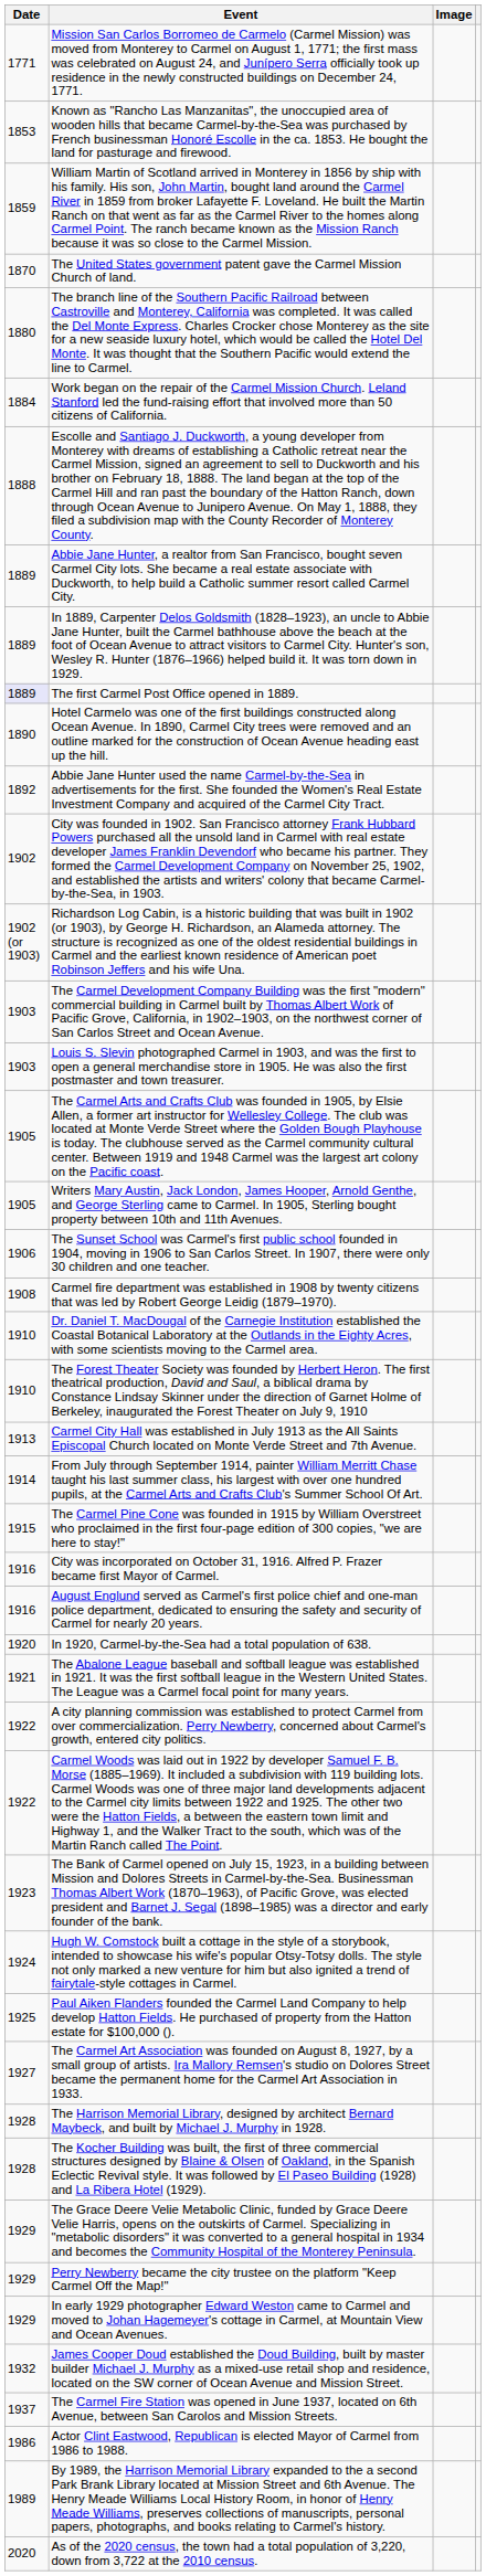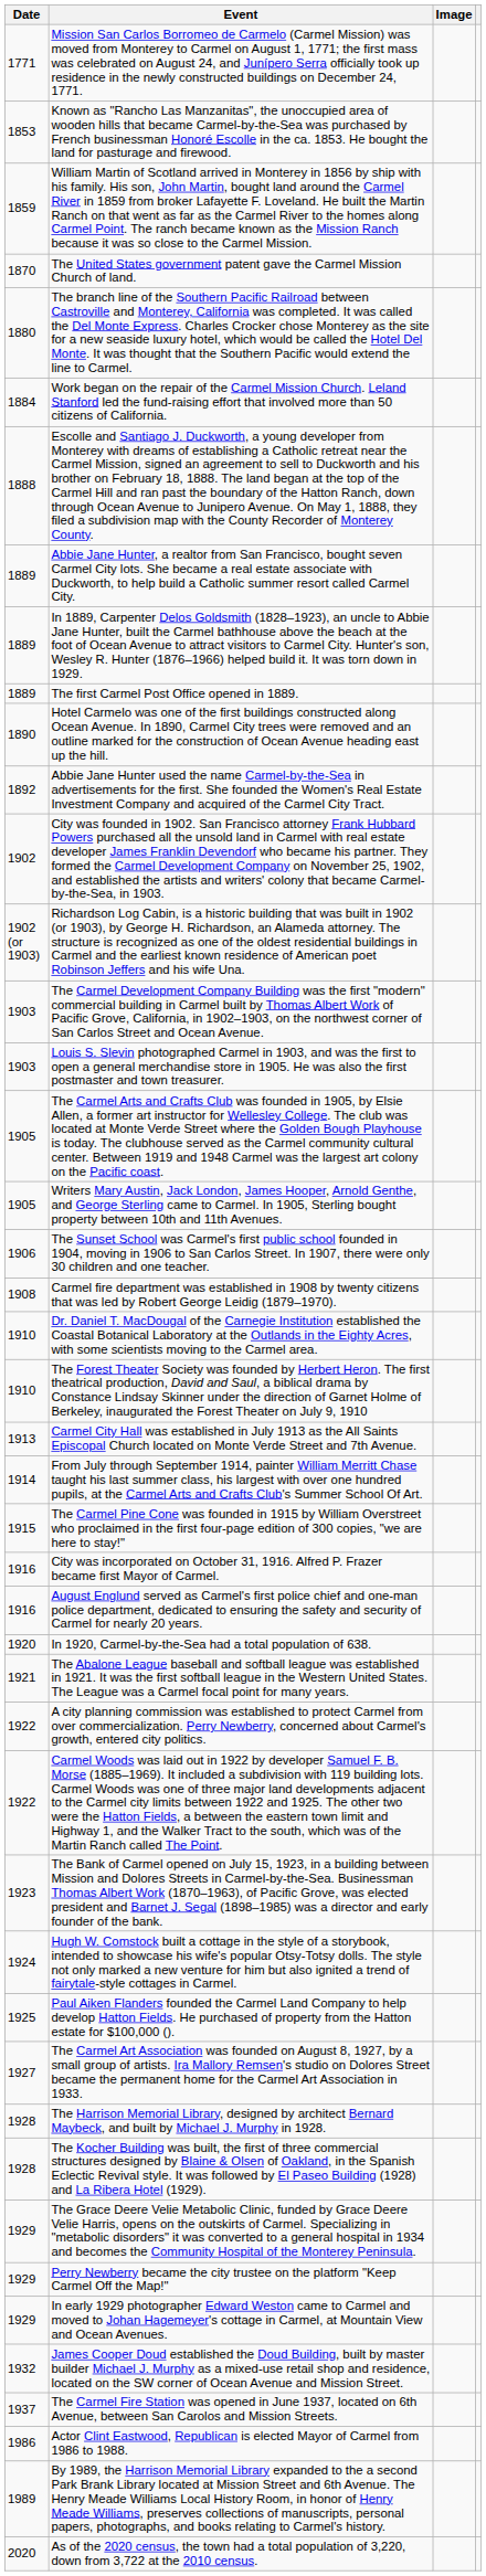 <table class="wikitable sortable">
 <tr>
 <th>Date</th>
 <th>Event</th>
 <th>Image</th>
 <th></th>
 </tr>
 <tr>
 <td>1771</td>
 <td><a href='#'>Mission San Carlos Borromeo de Carmelo</a> (Carmel Mission) was moved from Monterey to Carmel on August 1, 1771; the first mass was celebrated on August 24, and <a href='#'>Junípero Serra</a> officially took up residence in the newly constructed buildings on December 24, 1771.</td>
 <td></td>
 <td></td>
 </tr>
 <tr>
 <td>1853</td>
 <td>Known as "Rancho Las Manzanitas", the unoccupied area of wooden hills that became Carmel-by-the-Sea was purchased by French businessman <a href='#'>Honoré Escolle</a> in the ca. 1853. He bought the land for pasturage and firewood.</td>
 <td></td>
 <td></td>
 </tr>
 <tr>
 <td>1859</td>
 <td>William Martin of Scotland arrived in Monterey in 1856 by ship with his family. His son, <a href='#'>John Martin</a>, bought land around the <a href='#'>Carmel River</a> in 1859 from broker Lafayette F. Loveland. He built the Martin Ranch on  that went as far as the Carmel River to the homes along <a href='#'>Carmel Point</a>. The ranch became known as the <a href='#'>Mission Ranch</a> because it was so close to the Carmel Mission.</td>
 <td></td>
 <td></td>
 </tr>
 <tr>
 <td>1870</td>
 <td>The <a href='#'>United States government</a> patent gave the Carmel Mission Church  of land.</td>
 <td></td>
 <td></td>
 </tr>
 <tr>
 <td>1880</td>
 <td>The branch line of the <a href='#'>Southern Pacific Railroad</a> between <a href='#'>Castroville</a> and <a href='#'>Monterey, California</a> was completed. It was called the <a href='#'>Del Monte Express</a>. Charles Crocker chose Monterey as the site for a new seaside luxury hotel, which would be called the <a href='#'>Hotel Del Monte</a>. It was thought that the Southern Pacific would extend the line to Carmel.</td>
 <td></td>
 <td></td>
 </tr>
 <tr>
 <td>1884</td>
 <td>Work began on the repair of the <a href='#'>Carmel Mission Church</a>. <a href='#'>Leland Stanford</a> led the fund-raising effort that involved more than 50 citizens of California.</td>
 <td></td>
 <td></td>
 </tr>
 <tr>
 <td>1888</td>
 <td>Escolle and <a href='#'>Santiago J. Duckworth</a>, a young developer from Monterey with dreams of establishing a Catholic retreat near the Carmel Mission, signed an agreement to sell  to Duckworth and his brother on February 18, 1888. The land began at the top of the Carmel Hill and ran past the boundary of the Hatton Ranch, down through Ocean Avenue to Junipero Avenue. On May 1, 1888, they filed a subdivision map with the County Recorder of <a href='#'>Monterey County</a>.</td>
 <td></td>
 <td></td>
 </tr>
 <tr>
 <td>1889</td>
 <td><a href='#'>Abbie Jane Hunter</a>, a realtor from San Francisco, bought seven Carmel City lots. She became a real estate associate with Duckworth, to help build a Catholic summer resort called Carmel City.</td>
 <td></td>
 <td></td>
 </tr>
 <tr>
 <td>1889</td>
 <td>In 1889, Carpenter <a href='#'>Delos Goldsmith</a> (1828–1923), an uncle to Abbie Jane Hunter, built the Carmel bathhouse above the beach at the foot of Ocean Avenue to attract visitors to Carmel City. Hunter's son, Wesley R. Hunter (1876–1966) helped build it. It was torn down in 1929.</td>
 <td></td>
 <td></td>
 </tr>
 <tr>
-<td style="background: lavender;">1889</td>
+<td>1889</td>
 <td>The first Carmel Post Office opened in 1889.</td>
 <td></td>
 <td></td>
 </tr>
 <tr>
 <td>1890</td>
 <td>Hotel Carmelo was one of the first buildings constructed along Ocean Avenue. In 1890, Carmel City trees were removed and an outline marked for the construction of Ocean Avenue heading east up the hill.</td>
 <td></td>
 <td></td>
 </tr>
 <tr>
 <td>1892</td>
 <td>Abbie Jane Hunter used the name <a href='#'>Carmel-by-the-Sea</a> in advertisements for the first. She founded the Women's Real Estate Investment Company and acquired  of the Carmel City Tract.</td>
 <td></td>
 <td></td>
 </tr>
 <tr>
 <td>1902</td>
 <td>City was founded in 1902. San Francisco attorney <a href='#'>Frank Hubbard Powers</a> purchased all the unsold land in Carmel with real estate developer <a href='#'>James Franklin Devendorf</a> who became his partner. They formed the <a href='#'>Carmel Development Company</a> on November 25, 1902, and established the artists and writers' colony that became Carmel-by-the-Sea, in 1903.</td>
 <td></td>
 <td></td>
 </tr>
 <tr>
 <td>1902 (or 1903)</td>
 <td>Richardson Log Cabin, is a historic building that was built in 1902 (or 1903), by George H. Richardson, an Alameda attorney. The structure is recognized as one of the oldest residential buildings in Carmel and the earliest known residence of American poet <a href='#'>Robinson Jeffers</a> and his wife Una.</td>
 <td></td>
 <td></td>
 </tr>
 <tr>
 <td>1903</td>
 <td>The <a href='#'>Carmel Development Company Building</a> was the first "modern" commercial building in Carmel built by <a href='#'>Thomas Albert Work</a> of Pacific Grove, California, in 1902–1903, on the northwest corner of San Carlos Street and Ocean Avenue.</td>
 <td></td>
 <td></td>
 </tr>
 <tr>
 <td>1903</td>
 <td><a href='#'>Louis S. Slevin</a> photographed Carmel in 1903, and was the first to open a general merchandise store in 1905. He was also the first postmaster and town treasurer.</td>
 <td></td>
 <td></td>
 </tr>
 <tr>
 <td>1905</td>
 <td>The <a href='#'>Carmel Arts and Crafts Club</a> was founded in 1905, by Elsie Allen, a former art instructor for <a href='#'>Wellesley College</a>. The club was located at Monte Verde Street where the <a href='#'>Golden Bough Playhouse</a> is today. The clubhouse served as the Carmel community cultural center. Between 1919 and 1948 Carmel was the largest art colony on the <a href='#'>Pacific coast</a>.</td>
 <td></td>
 <td></td>
 </tr>
 <tr>
 <td>1905</td>
 <td>Writers <a href='#'>Mary Austin</a>, <a href='#'>Jack London</a>, <a href='#'>James Hooper</a>, <a href='#'>Arnold Genthe</a>, and <a href='#'>George Sterling</a> came to Carmel. In 1905, Sterling bought property between 10th and 11th Avenues.</td>
 <td></td>
 <td></td>
 </tr>
 <tr>
 <td>1906</td>
 <td>The <a href='#'>Sunset School</a> was Carmel's first <a href='#'>public school</a> founded in 1904, moving in 1906 to San Carlos Street. In 1907, there were only 30 children and one teacher.</td>
 <td></td>
 <td></td>
 </tr>
 <tr>
 <td>1908</td>
 <td>Carmel fire department was established in 1908 by twenty citizens that was led by Robert George Leidig (1879–1970).</td>
 <td></td>
 <td></td>
 </tr>
 <tr>
 <td>1910</td>
 <td><a href='#'>Dr. Daniel T. MacDougal</a> of the <a href='#'>Carnegie Institution</a> established the Coastal Botanical Laboratory at the <a href='#'>Outlands in the Eighty Acres</a>, with some scientists moving to the Carmel area.</td>
 <td></td>
 <td></td>
 </tr>
 <tr>
 <td>1910</td>
 <td>The <a href='#'>Forest Theater</a> Society was founded by <a href='#'>Herbert Heron</a>. The first theatrical production, <em>David and Saul</em>, a biblical drama by Constance Lindsay Skinner under the direction of Garnet Holme of Berkeley, inaugurated the Forest Theater on July 9, 1910</td>
 <td></td>
 <td></td>
 </tr>
 <tr>
 <td>1913</td>
 <td><a href='#'>Carmel City Hall</a> was established in July 1913 as the All Saints <a href='#'>Episcopal</a> Church located on Monte Verde Street and 7th Avenue.</td>
 <td></td>
 <td></td>
 </tr>
 <tr>
 <td>1914</td>
 <td>From July through September 1914, painter <a href='#'>William Merritt Chase</a> taught his last summer class, his largest with over one hundred pupils, at the <a href='#'>Carmel Arts and Crafts Club</a>'s Summer School Of Art.</td>
 <td></td>
 <td></td>
 </tr>
 <tr>
 <td>1915</td>
 <td>The <a href='#'>Carmel Pine Cone</a> was founded in 1915 by William Overstreet who proclaimed in the first four-page edition of 300 copies, "we are here to stay!"</td>
 <td></td>
 <td></td>
 </tr>
 <tr>
 <td>1916</td>
 <td>City was incorporated on October 31, 1916. Alfred P. Frazer became first Mayor of Carmel.</td>
 <td></td>
 <td></td>
 </tr>
 <tr>
 <td>1916</td>
 <td><a href='#'>August Englund</a> served as Carmel's first police chief and one-man police department, dedicated to ensuring the safety and security of Carmel for nearly 20 years.</td>
 <td></td>
 <td></td>
 </tr>
 <tr>
 <td>1920</td>
 <td>In 1920, Carmel-by-the-Sea had a total population of 638.</td>
 <td></td>
 <td></td>
 </tr>
 <tr>
 <td>1921</td>
 <td>The <a href='#'>Abalone League</a> baseball and softball league was established in 1921. It was the first softball league in the Western United States. The League was a Carmel focal point for many years.</td>
 <td></td>
 <td></td>
 </tr>
 <tr>
 <td>1922</td>
 <td>A city planning commission was established to protect Carmel from over commercialization. <a href='#'>Perry Newberry</a>, concerned about Carmel's growth, entered city politics.</td>
 <td></td>
 <td></td>
 </tr>
 <tr>
 <td>1922</td>
 <td><a href='#'>Carmel Woods</a> was laid out in 1922 by developer <a href='#'>Samuel F. B. Morse</a> (1885–1969). It included a  subdivision with 119 building lots. Carmel Woods was one of three major land developments adjacent to the Carmel city limits between 1922 and 1925. The other two were the <a href='#'>Hatton Fields</a>, a  between the eastern town limit and Highway 1, and the Walker Tract to the south, which was  of the Martin Ranch called <a href='#'>The Point</a>.</td>
 <td></td>
 <td></td>
 </tr>
 <tr>
 <td>1923</td>
 <td>The Bank of Carmel opened on July 15, 1923, in a building between Mission and Dolores Streets in Carmel-by-the-Sea. Businessman <a href='#'>Thomas Albert Work</a> (1870–1963), of Pacific Grove, was elected president and <a href='#'>Barnet J. Segal</a> (1898–1985) was a director and early founder of the bank.</td>
 <td></td>
 <td></td>
 </tr>
 <tr>
 <td>1924</td>
 <td><a href='#'>Hugh W. Comstock</a> built a cottage in the style of a storybook, intended to showcase his wife's popular Otsy-Totsy dolls. The style not only marked a new venture for him but also ignited a trend of <a href='#'>fairytale</a>-style cottages in Carmel.</td>
 <td></td>
 <td></td>
 </tr>
 <tr>
 <td>1925</td>
 <td><a href='#'>Paul Aiken Flanders</a> founded the Carmel Land Company to help develop <a href='#'>Hatton Fields</a>. He purchased  of property from the Hatton estate for $100,000 ().</td>
 <td></td>
 <td></td>
 </tr>
 <tr>
 <td>1927</td>
 <td>The <a href='#'>Carmel Art Association</a> was founded on August 8, 1927, by a small group of artists. <a href='#'>Ira Mallory Remsen</a>'s studio on Dolores Street became the permanent home for the Carmel Art Association in 1933.</td>
 <td></td>
 <td></td>
 </tr>
 <tr>
 <td>1928</td>
 <td>The <a href='#'>Harrison Memorial Library</a>, designed by architect <a href='#'>Bernard Maybeck</a>, and built by <a href='#'> Michael J. Murphy</a> in 1928.</td>
 <td></td>
 <td></td>
 </tr>
 <tr>
 <td>1928</td>
 <td>The <a href='#'>Kocher Building</a> was built, the first of three commercial structures designed by <a href='#'>Blaine & Olsen</a> of <a href='#'> Oakland</a>, in the Spanish Eclectic Revival style. It was followed by <a href='#'>El Paseo Building</a> (1928) and <a href='#'>La Ribera Hotel</a> (1929).</td>
 <td></td>
 <td></td>
 </tr>
 <tr>
 <td>1929</td>
 <td>The Grace Deere Velie Metabolic Clinic, funded by Grace Deere Velie Harris, opens on the outskirts of Carmel. Specializing in "metabolic disorders" it was converted to a general hospital in 1934 and becomes the <a href='#'>Community Hospital of the Monterey Peninsula</a>.</td>
 <td></td>
 <td></td>
 </tr>
 <tr>
 <td>1929</td>
 <td><a href='#'>Perry Newberry</a> became the city trustee on the platform "Keep Carmel Off the Map!"</td>
 <td></td>
 <td></td>
 </tr>
 <tr>
 <td>1929</td>
 <td>In early 1929 photographer <a href='#'>Edward Weston</a> came to Carmel and moved to <a href='#'>Johan Hagemeyer</a>'s cottage in Carmel, at Mountain View and Ocean Avenues.</td>
 <td></td>
 <td></td>
 </tr>
 <tr>
 <td>1932</td>
 <td><a href='#'>James Cooper Doud</a> established the <a href='#'>Doud Building</a>, built by master builder <a href='#'>Michael J. Murphy</a> as a mixed-use retail shop and residence, located on the SW corner of Ocean Avenue and Mission Street.</td>
 <td></td>
 <td></td>
 </tr>
 <tr>
 <td>1937</td>
 <td>The <a href='#'>Carmel Fire Station</a> was opened in June 1937, located on 6th Avenue, between San Carolos and Mission Streets.</td>
 <td></td>
 <td></td>
 </tr>
 <tr>
 <td>1986</td>
 <td>Actor <a href='#'>Clint Eastwood</a>, <a href='#'> Republican</a> is elected Mayor of Carmel from 1986 to 1988.</td>
 <td></td>
 <td></td>
 </tr>
 <tr>
 <td>1989</td>
 <td>By 1989, the <a href='#'>Harrison Memorial Library</a> expanded to the a second Park Brank Library located at Mission Street and 6th Avenue. The Henry Meade Williams Local History Room, in honor of <a href='#'>Henry Meade Williams</a>, preserves collections of manuscripts, personal papers, photographs, and books relating to Carmel's history.</td>
 <td></td>
 <td></td>
 </tr>
 <tr>
 <td>2020</td>
 <td>As of the <a href='#'>2020 census</a>, the town had a total population of 3,220, down from 3,722 at the <a href='#'>2010 census</a>.</td>
 <td></td>
 <td></td>
 </tr>
 </table>
